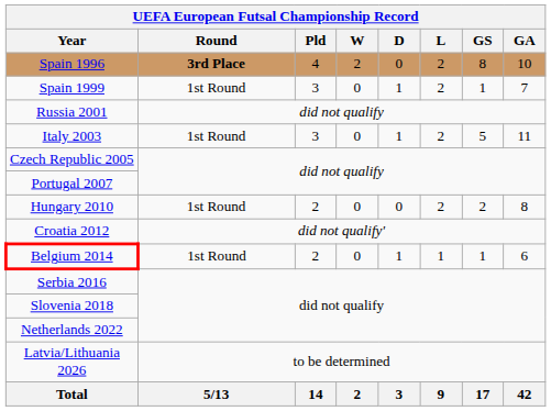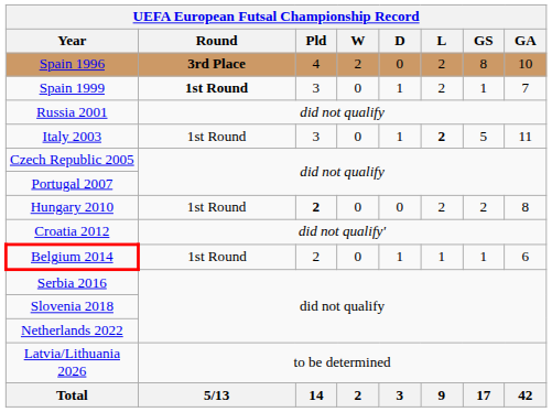 <table class="wikitable" style="text-align: center;font-size:90%;">
 <tr>
 <th colspan=8><a href='#'>UEFA European Futsal Championship Record</a></th>
 </tr>
 <tr>
 <th width=125>Year</th>
 <th width=150>Round</th>
 <th width=35>Pld</th>
 <th width=35>W</th>
 <th width=35>D</th>
 <th width=35>L</th>
 <th width=35>GS</th>
 <th width=35>GA</th>
 </tr>
 <tr style="background:#c96;">
 <td><a href='#'>Spain 1996</a></td>
 <td><strong>3rd Place</strong></td>
 <td>4</td>
 <td>2</td>
 <td>0</td>
 <td>2</td>
 <td>8</td>
 <td>10</td>
 </tr>
 <tr>
 <td><a href='#'>Spain 1999</a></td>
-<td>1st Round</td>
+<td><strong>1st Round</strong></td>
 <td>3</td>
 <td>0</td>
 <td>1</td>
 <td>2</td>
 <td>1</td>
 <td>7</td>
 </tr>
 <tr>
 <td><a href='#'>Russia 2001</a></td>
 <td colspan=7 rowspan=1><em>did not qualify</em></td>
 </tr>
 <tr>
 <td><a href='#'>Italy 2003</a></td>
 <td>1st Round</td>
 <td>3</td>
 <td>0</td>
 <td>1</td>
-<td>2</td>
+<td><strong>2</strong></td>
 <td>5</td>
 <td>11</td>
 </tr>
 <tr>
 <td><a href='#'>Czech Republic 2005</a></td>
 <td colspan=7 rowspan=2><em>did not qualify</em></td>
 </tr>
 <tr>
 <td><a href='#'>Portugal 2007</a></td>
 </tr>
 <tr>
 <td><a href='#'>Hungary 2010</a></td>
 <td>1st Round</td>
-<td>2</td>
+<td><strong>2</strong></td>
 <td>0</td>
 <td>0</td>
 <td>2</td>
 <td>2</td>
 <td>8</td>
 </tr>
 <tr>
 <td><a href='#'>Croatia 2012</a></td>
 <td colspan=7 rowspan=1><em>did not qualify'</td>
 </tr>
 <tr>
 <td style="border: 3px solid red"><a href='#'>Belgium 2014</a></td>
 <td>1st Round</td>
 <td>2</td>
 <td>0</td>
 <td>1</td>
 <td>1</td>
 <td>1</td>
 <td>6</td>
 </tr>
 <tr>
 <td><a href='#'>Serbia 2016</a></td>
 <td colspan=7 rowspan=3></em>did not qualify<em></td>
 </tr>
 <tr>
 <td><a href='#'>Slovenia 2018</a></td>
 </tr>
 <tr>
 <td><a href='#'>Netherlands 2022</a></td>
 </tr>
 <tr>
 <td><a href='#'>Latvia/Lithuania 2026</a></td>
 <td colspan=7></em>to be determined<em></td>
 </tr>
 <tr>
 <th><strong>Total</strong></th>
 <th>5/13</th>
 <th>14</th>
 <th>2</th>
 <th>3</th>
 <th>9</th>
 <th>17</th>
 <th>42</th>
 </tr>
 </table>
